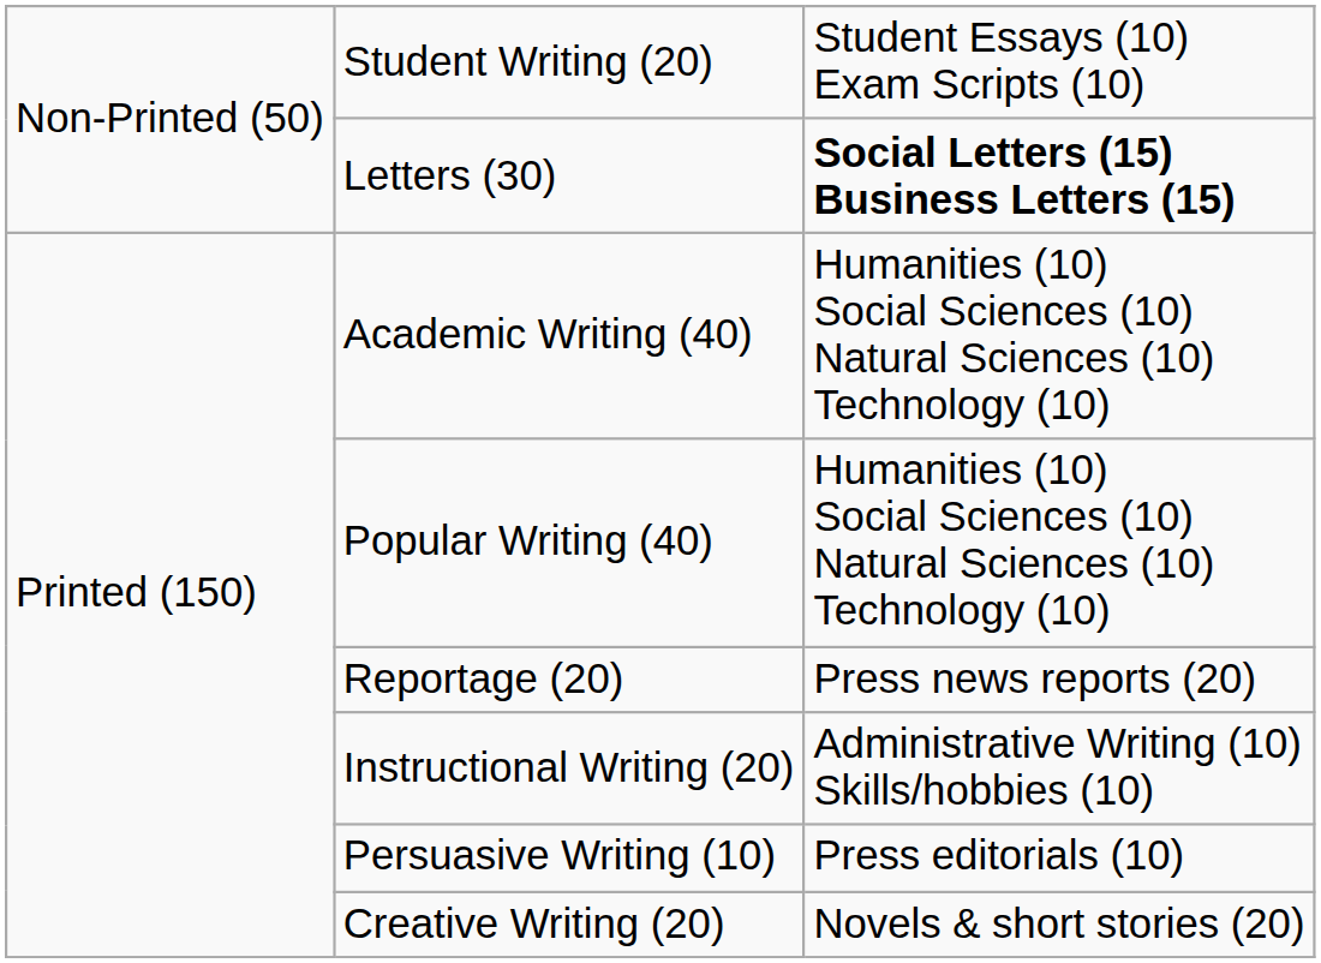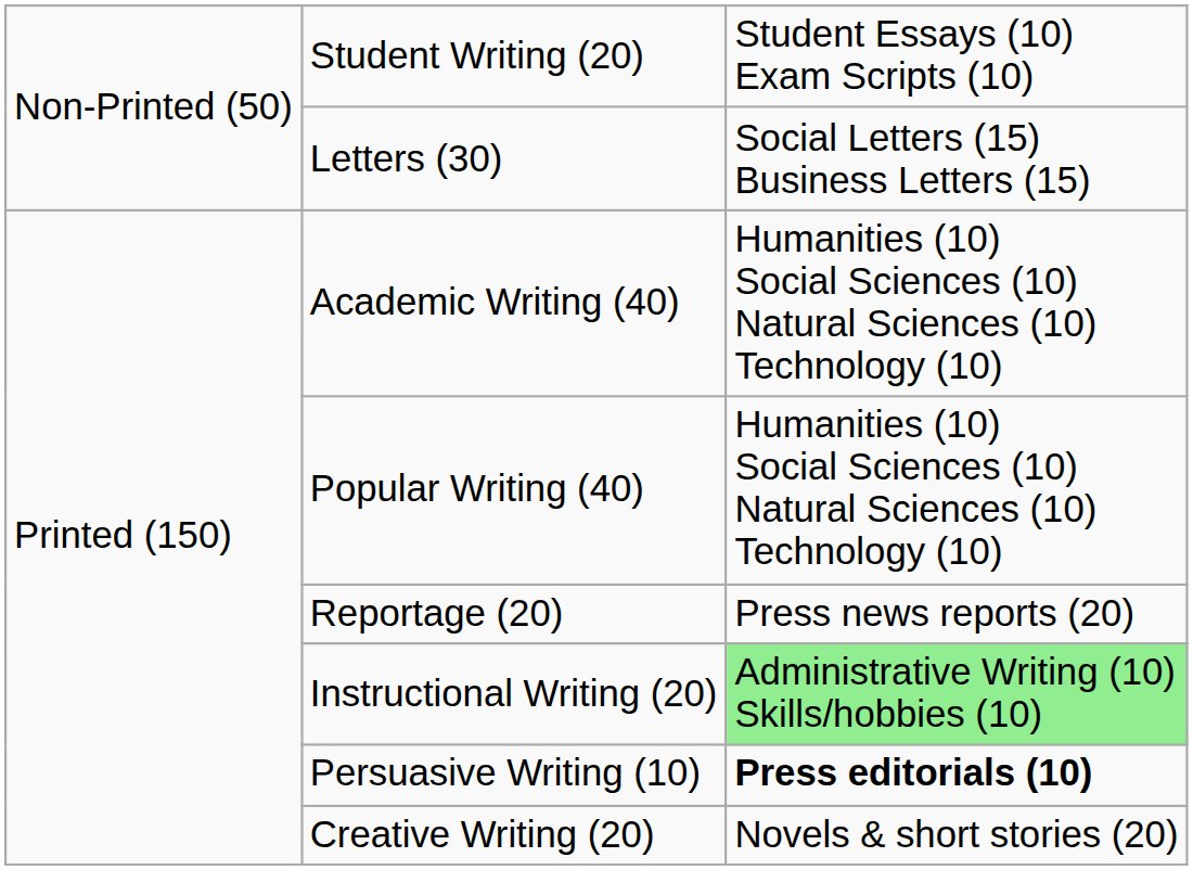 <table class="wikitable">
 <tr>
 <td rowspan="2">Non-Printed (50)</td>
 <td>Student Writing (20)</td>
 <td>Student Essays (10)<br>Exam Scripts (10)</td>
 </tr>
 <tr>
 <td>Letters (30)</td>
-<td><strong>Social Letters (15)<br>Business Letters (15)</strong></td>
+<td>Social Letters (15)<br>Business Letters (15)</td>
 </tr>
 <tr>
 <td rowspan="6">Printed (150)</td>
 <td>Academic Writing (40)</td>
 <td>Humanities (10)<br>Social Sciences (10)<br>Natural Sciences (10)<br>Technology (10)</td>
 </tr>
 <tr>
 <td>Popular Writing (40)</td>
 <td>Humanities (10)<br>Social Sciences (10)<br>Natural Sciences (10)<br>Technology (10)</td>
 </tr>
 <tr>
 <td>Reportage (20)</td>
 <td>Press news reports (20)</td>
 </tr>
 <tr>
 <td>Instructional Writing (20)</td>
-<td>Administrative Writing (10)<br>Skills/hobbies (10)</td>
+<td style="background: lightgreen;">Administrative Writing (10)<br>Skills/hobbies (10)</td>
 </tr>
 <tr>
 <td>Persuasive Writing (10)</td>
-<td>Press editorials (10)</td>
+<td><strong>Press editorials (10)</strong></td>
 </tr>
 <tr>
 <td>Creative Writing (20)</td>
 <td>Novels & short stories (20)</td>
 </tr>
 </table>
